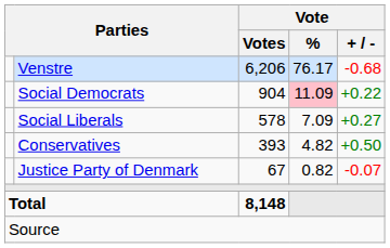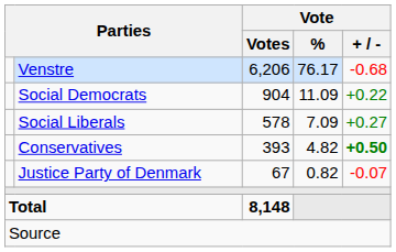 <table class="wikitable" style="text-align:right;">
 <tr>
 <th style="text-align:centre;" rowspan="2" colspan="2" width="225">Parties</th>
 <th colspan="3">Vote</th>
 </tr>
 <tr>
 <th width="15">Votes</th>
 <th width="15">%</th>
 <th width="15">+ / -</th>
 </tr>
 <tr>
 <td width="2" style="color:inherit;background:"></td>
 <td bgcolor=#cfe5fe  align="left"><a href='#'>Venstre</a></td>
 <td bgcolor=#cfe5fe>6,206</td>
 <td bgcolor=#cfe5fe>76.17</td>
 <td style=color:red;>-0.68</td>
 </tr>
 <tr>
 <td width="2" style="color:inherit;background:"></td>
 <td align="left"><a href='#'>Social Democrats</a></td>
 <td>904</td>
-<td style="background: pink;">11.09</td>
+<td>11.09</td>
 <td style=color:green;>+0.22</td>
 </tr>
 <tr>
 <td width="2" style="color:inherit;background:"></td>
 <td align="left"><a href='#'>Social Liberals</a></td>
 <td>578</td>
 <td>7.09</td>
 <td style=color:green;>+0.27</td>
 </tr>
 <tr>
 <td width="2" style="color:inherit;background:"></td>
 <td align="left"><a href='#'>Conservatives</a></td>
 <td>393</td>
 <td>4.82</td>
-<td style=color:green;>+0.50</td>
+<td style=color:green;><strong>+0.50</strong></td>
 </tr>
 <tr>
 <td width="2" style="color:inherit;background:"></td>
 <td align="left"><a href='#'>Justice Party of Denmark</a></td>
 <td>67</td>
 <td>0.82</td>
 <td style=color:red;>-0.07</td>
 </tr>
 <tr>
 <td colspan="7" bgcolor="#E9E9E9"></td>
 </tr>
 <tr>
 <td align="left" colspan="2"><strong>Total</strong></td>
 <td><strong>8,148</strong></td>
 <td bgcolor="#E9E9E9" colspan="2"></td>
 </tr>
 <tr>
 <td align="left" colspan="6">Source</td>
 </tr>
 </table>
